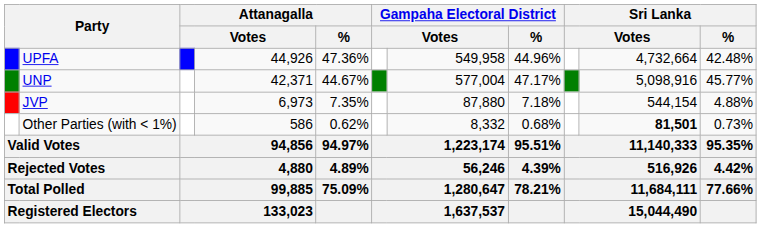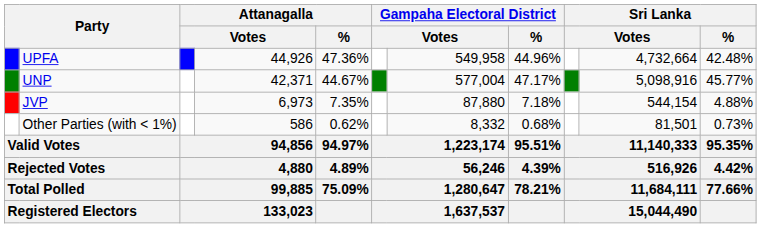 <table class="wikitable">
 <tr>
 <th colspan="2" width="144px"rowspan="2">Party</th>
 <th colspan="3" width="216px">Attanagalla</th>
 <th colspan="3" width="216px"><a href='#'>Gampaha Electoral District</a></th>
 <th colspan="3" width="216px">Sri Lanka</th>
 </tr>
 <tr>
 <th colspan="2" width="144px">Votes</th>
 <th>%</th>
 <th colspan="2" width="144px">Votes</th>
 <th>%</th>
 <th colspan="2" width="144px">Votes</th>
 <th>%</th>
 </tr>
 <tr>
 <td style="background-color:blue;" width="10px"></td>
 <td style="text-align:left;"><a href='#'>UPFA</a></td>
 <td style="background-color:blue;" width="10px"></td>
 <td style="text-align:right;">44,926</td>
 <td style="text-align:right;">47.36%</td>
 <td style="background-color:white;" width="10px"></td>
 <td style="text-align:right;">549,958</td>
 <td style="text-align:right;">44.96%</td>
 <td style="background-color:white;" width="10px"></td>
 <td style="text-align:right;">4,732,664</td>
 <td style="text-align:right;">42.48%</td>
 </tr>
 <tr>
 <td style="background-color:green;" width="10px"></td>
 <td style="text-align:left;"><a href='#'>UNP</a></td>
 <td style="background-color:white;" width="10px"></td>
 <td style="text-align:right;">42,371</td>
 <td style="text-align:right;">44.67%</td>
 <td style="background-color:green;" width="10px"></td>
 <td style="text-align:right;">577,004</td>
 <td style="text-align:right;">47.17%</td>
 <td style="background-color:green;" width="10px"></td>
 <td style="text-align:right;">5,098,916</td>
 <td style="text-align:right;">45.77%</td>
 </tr>
 <tr>
 <td style="background-color:red;" width="10px"></td>
 <td style="text-align:left;"><a href='#'>JVP</a></td>
 <td style="background-color:white;" width="10px"></td>
 <td style="text-align:right;">6,973</td>
 <td style="text-align:right;">7.35%</td>
 <td style="background-color:white;" width="10px"></td>
 <td style="text-align:right;">87,880</td>
 <td style="text-align:right;">7.18%</td>
 <td style="background-color:white;" width="10px"></td>
 <td style="text-align:right;">544,154</td>
 <td style="text-align:right;">4.88%</td>
 </tr>
 <tr>
 <td style="background-color:white;" width="10px"></td>
 <td style="text-align:left;">Other Parties (with < 1%)</td>
 <td style="background-color:white;" width="10px"></td>
 <td style="text-align:right;">586</td>
 <td style="text-align:right;">0.62%</td>
 <td style="background-color:white;" width="10px"></td>
 <td style="text-align:right;">8,332</td>
 <td style="text-align:right;">0.68%</td>
 <td style="background-color:white;" width="10px"></td>
-<td style="text-align:right;"><strong>81,501</strong></td>
+<td style="text-align:right;">81,501</td>
 <td style="text-align:right;">0.73%</td>
 </tr>
 <tr>
 <th colspan="2" width="144px"style="text-align:left;">Valid Votes</th>
 <th style="text-align:right;"colspan="2" width="144px">94,856</th>
 <th style="text-align:right;">94.97%</th>
 <th style="text-align:right;"colspan="2" width="144px">1,223,174</th>
 <th style="text-align:right;">95.51%</th>
 <th style="text-align:right;"colspan="2" width="144px">11,140,333</th>
 <th style="text-align:right;">95.35%</th>
 </tr>
 <tr>
 <th colspan="2" width="144px"style="text-align:left;">Rejected Votes</th>
 <th style="text-align:right;"colspan="2" width="144px">4,880</th>
 <th style="text-align:right;">4.89%</th>
 <th style="text-align:right;"colspan="2" width="144px">56,246</th>
 <th style="text-align:right;">4.39%</th>
 <th style="text-align:right;"colspan="2" width="144px">516,926</th>
 <th style="text-align:right;">4.42%</th>
 </tr>
 <tr>
 <th colspan="2" width="144px"style="text-align:left;">Total Polled</th>
 <th style="text-align:right;"colspan="2" width="144px">99,885</th>
 <th style="text-align:right;">75.09%</th>
 <th style="text-align:right;"colspan="2" width="144px">1,280,647</th>
 <th style="text-align:right;">78.21%</th>
 <th style="text-align:right;"colspan="2" width="144px">11,684,111</th>
 <th style="text-align:right;">77.66%</th>
 </tr>
 <tr>
 <th colspan="2" width="144px"style="text-align:left;">Registered Electors</th>
 <th style="text-align:right;"colspan="2" width="144px">133,023</th>
 <th></th>
 <th style="text-align:right;"colspan="2" width="144px">1,637,537</th>
 <th></th>
 <th style="text-align:right;"colspan="2" width="144px">15,044,490</th>
 <th></th>
 </tr>
 </table>
